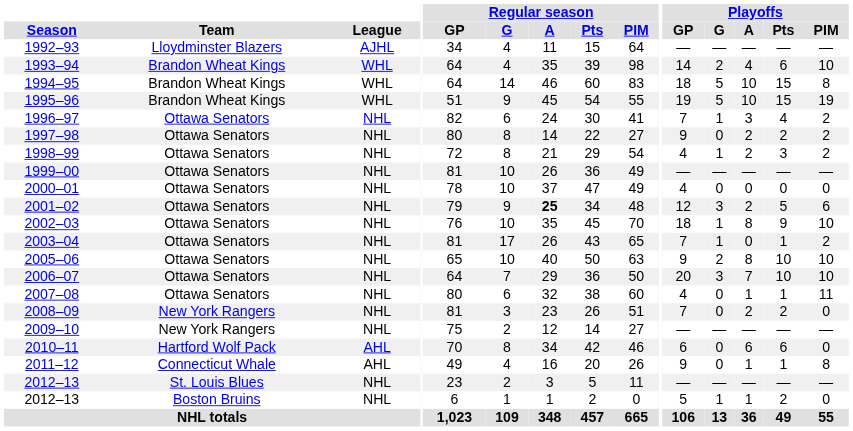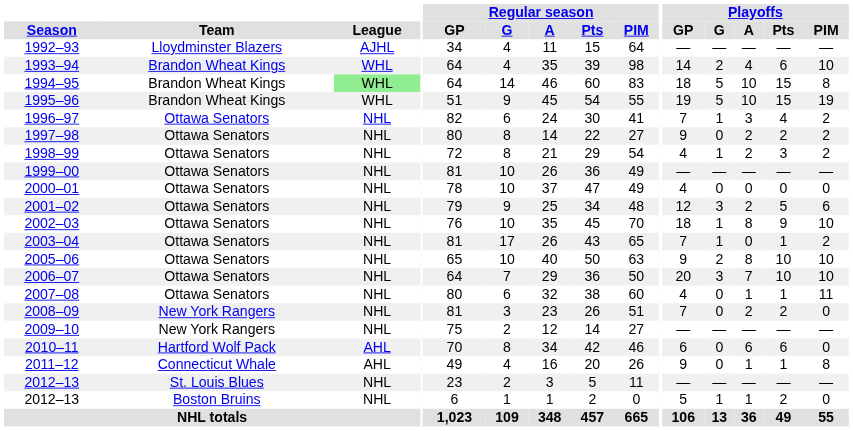 <table border="0" cellpadding="1" cellspacing="0" style="text-align:center; width:60em;">
 <tr bgcolor="#e0e0e0">
 <th colspan="3" bgcolor="#ffffff"></th>
 <th rowspan="100" bgcolor="#ffffff"></th>
 <th colspan="5"><a href='#'>Regular season</a></th>
 <th rowspan="100" bgcolor="#ffffff"></th>
 <th colspan="5"><a href='#'>Playoffs</a></th>
 </tr>
 <tr bgcolor="#e0e0e0">
 <th><a href='#'>Season</a></th>
 <th>Team</th>
 <th>League</th>
 <th>GP</th>
 <th><a href='#'>G</a></th>
 <th><a href='#'>A</a></th>
 <th><a href='#'>Pts</a></th>
 <th><a href='#'>PIM</a></th>
 <th>GP</th>
 <th>G</th>
 <th>A</th>
 <th>Pts</th>
 <th>PIM</th>
 </tr>
 <tr>
 <td><a href='#'>1992–93</a></td>
 <td><a href='#'>Lloydminster Blazers</a></td>
 <td><a href='#'>AJHL</a></td>
 <td>34</td>
 <td>4</td>
 <td>11</td>
 <td>15</td>
 <td>64</td>
 <td>—</td>
 <td>—</td>
 <td>—</td>
 <td>—</td>
 <td>—</td>
 </tr>
 <tr bgcolor="#f0f0f0">
 <td><a href='#'>1993–94</a></td>
 <td><a href='#'>Brandon Wheat Kings</a></td>
 <td><a href='#'>WHL</a></td>
 <td>64</td>
 <td>4</td>
 <td>35</td>
 <td>39</td>
 <td>98</td>
 <td>14</td>
 <td>2</td>
 <td>4</td>
 <td>6</td>
 <td>10</td>
 </tr>
 <tr>
 <td><a href='#'>1994–95</a></td>
 <td>Brandon Wheat Kings</td>
-<td>WHL</td>
+<td style="background: lightgreen;">WHL</td>
 <td>64</td>
 <td>14</td>
 <td>46</td>
 <td>60</td>
 <td>83</td>
 <td>18</td>
 <td>5</td>
 <td>10</td>
 <td>15</td>
 <td>8</td>
 </tr>
 <tr bgcolor="#f0f0f0">
 <td><a href='#'>1995–96</a></td>
 <td>Brandon Wheat Kings</td>
 <td>WHL</td>
 <td>51</td>
 <td>9</td>
 <td>45</td>
 <td>54</td>
 <td>55</td>
 <td>19</td>
 <td>5</td>
 <td>10</td>
 <td>15</td>
 <td>19</td>
 </tr>
 <tr>
 <td><a href='#'>1996–97</a></td>
 <td><a href='#'>Ottawa Senators</a></td>
 <td><a href='#'>NHL</a></td>
 <td>82</td>
 <td>6</td>
 <td>24</td>
 <td>30</td>
 <td>41</td>
 <td>7</td>
 <td>1</td>
 <td>3</td>
 <td>4</td>
 <td>2</td>
 </tr>
 <tr bgcolor="#f0f0f0">
 <td><a href='#'>1997–98</a></td>
 <td>Ottawa Senators</td>
 <td>NHL</td>
 <td>80</td>
 <td>8</td>
 <td>14</td>
 <td>22</td>
 <td>27</td>
 <td>9</td>
 <td>0</td>
 <td>2</td>
 <td>2</td>
 <td>2</td>
 </tr>
 <tr>
 <td><a href='#'>1998–99</a></td>
 <td>Ottawa Senators</td>
 <td>NHL</td>
 <td>72</td>
 <td>8</td>
 <td>21</td>
 <td>29</td>
 <td>54</td>
 <td>4</td>
 <td>1</td>
 <td>2</td>
 <td>3</td>
 <td>2</td>
 </tr>
 <tr bgcolor="#f0f0f0">
 <td><a href='#'>1999–00</a></td>
 <td>Ottawa Senators</td>
 <td>NHL</td>
 <td>81</td>
 <td>10</td>
 <td>26</td>
 <td>36</td>
 <td>49</td>
 <td>—</td>
 <td>—</td>
 <td>—</td>
 <td>—</td>
 <td>—</td>
 </tr>
 <tr>
 <td><a href='#'>2000–01</a></td>
 <td>Ottawa Senators</td>
 <td>NHL</td>
 <td>78</td>
 <td>10</td>
 <td>37</td>
 <td>47</td>
 <td>49</td>
 <td>4</td>
 <td>0</td>
 <td>0</td>
 <td>0</td>
 <td>0</td>
 </tr>
 <tr bgcolor="#f0f0f0">
 <td><a href='#'>2001–02</a></td>
 <td>Ottawa Senators</td>
 <td>NHL</td>
 <td>79</td>
 <td>9</td>
-<td><strong>25</strong></td>
+<td>25</td>
 <td>34</td>
 <td>48</td>
 <td>12</td>
 <td>3</td>
 <td>2</td>
 <td>5</td>
 <td>6</td>
 </tr>
 <tr>
 <td><a href='#'>2002–03</a></td>
 <td>Ottawa Senators</td>
 <td>NHL</td>
 <td>76</td>
 <td>10</td>
 <td>35</td>
 <td>45</td>
 <td>70</td>
 <td>18</td>
 <td>1</td>
 <td>8</td>
 <td>9</td>
 <td>10</td>
 </tr>
 <tr bgcolor="#f0f0f0">
 <td><a href='#'>2003–04</a></td>
 <td>Ottawa Senators</td>
 <td>NHL</td>
 <td>81</td>
 <td>17</td>
 <td>26</td>
 <td>43</td>
 <td>65</td>
 <td>7</td>
 <td>1</td>
 <td>0</td>
 <td>1</td>
 <td>2</td>
 </tr>
 <tr>
 <td><a href='#'>2005–06</a></td>
 <td>Ottawa Senators</td>
 <td>NHL</td>
 <td>65</td>
 <td>10</td>
 <td>40</td>
 <td>50</td>
 <td>63</td>
 <td>9</td>
 <td>2</td>
 <td>8</td>
 <td>10</td>
 <td>10</td>
 </tr>
 <tr bgcolor="#f0f0f0">
 <td><a href='#'>2006–07</a></td>
 <td>Ottawa Senators</td>
 <td>NHL</td>
 <td>64</td>
 <td>7</td>
 <td>29</td>
 <td>36</td>
 <td>50</td>
 <td>20</td>
 <td>3</td>
 <td>7</td>
 <td>10</td>
 <td>10</td>
 </tr>
 <tr>
 <td><a href='#'>2007–08</a></td>
 <td>Ottawa Senators</td>
 <td>NHL</td>
 <td>80</td>
 <td>6</td>
 <td>32</td>
 <td>38</td>
 <td>60</td>
 <td>4</td>
 <td>0</td>
 <td>1</td>
 <td>1</td>
 <td>11</td>
 </tr>
 <tr bgcolor="#f0f0f0">
 <td><a href='#'>2008–09</a></td>
 <td><a href='#'>New York Rangers</a></td>
 <td>NHL</td>
 <td>81</td>
 <td>3</td>
 <td>23</td>
 <td>26</td>
 <td>51</td>
 <td>7</td>
 <td>0</td>
 <td>2</td>
 <td>2</td>
 <td>0</td>
 </tr>
 <tr>
 <td><a href='#'>2009–10</a></td>
 <td>New York Rangers</td>
 <td>NHL</td>
 <td>75</td>
 <td>2</td>
 <td>12</td>
 <td>14</td>
 <td>27</td>
 <td>—</td>
 <td>—</td>
 <td>—</td>
 <td>—</td>
 <td>—</td>
 </tr>
 <tr bgcolor="#f0f0f0">
 <td><a href='#'>2010–11</a></td>
 <td><a href='#'>Hartford Wolf Pack</a></td>
 <td><a href='#'>AHL</a></td>
 <td>70</td>
 <td>8</td>
 <td>34</td>
 <td>42</td>
 <td>46</td>
 <td>6</td>
 <td>0</td>
 <td>6</td>
 <td>6</td>
 <td>0</td>
 </tr>
 <tr>
 <td><a href='#'>2011–12</a></td>
 <td><a href='#'>Connecticut Whale</a></td>
 <td>AHL</td>
 <td>49</td>
 <td>4</td>
 <td>16</td>
 <td>20</td>
 <td>26</td>
 <td>9</td>
 <td>0</td>
 <td>1</td>
 <td>1</td>
 <td>8</td>
 </tr>
 <tr bgcolor="#f0f0f0">
 <td><a href='#'>2012–13</a></td>
 <td><a href='#'>St. Louis Blues</a></td>
 <td>NHL</td>
 <td>23</td>
 <td>2</td>
 <td>3</td>
 <td>5</td>
 <td>11</td>
 <td>—</td>
 <td>—</td>
 <td>—</td>
 <td>—</td>
 <td>—</td>
 </tr>
 <tr>
 <td>2012–13</td>
 <td><a href='#'>Boston Bruins</a></td>
 <td>NHL</td>
 <td>6</td>
 <td>1</td>
 <td>1</td>
 <td>2</td>
 <td>0</td>
 <td>5</td>
 <td>1</td>
 <td>1</td>
 <td>2</td>
 <td>0</td>
 </tr>
 <tr bgcolor="#e0e0e0">
 <th colspan="3">NHL totals</th>
 <th>1,023</th>
 <th>109</th>
 <th>348</th>
 <th>457</th>
 <th>665</th>
 <th>106</th>
 <th>13</th>
 <th>36</th>
 <th>49</th>
 <th>55</th>
 </tr>
 </table>
